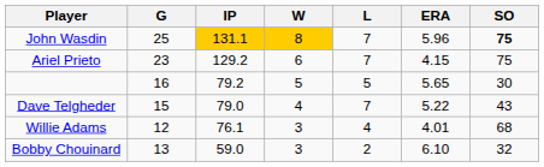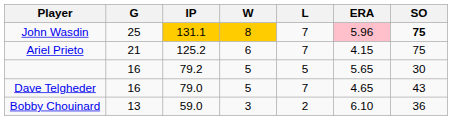 <table class="wikitable sortable">
 <tr>
 <th bgcolor="#DDDDFF" width="16%">Player</th>
 <th bgcolor="#DDDDFF" width="9%">G</th>
 <th bgcolor="#DDDDFF" width="9%">IP</th>
 <th bgcolor="#DDDDFF" width="9%">W</th>
 <th bgcolor="#DDDDFF" width="9%">L</th>
 <th bgcolor="#DDDDFF" width="9%">ERA</th>
 <th bgcolor="#DDDDFF" width="9%">SO</th>
 </tr>
 <tr align="center">
 <td><a href='#'>John Wasdin</a></td>
 <td>25</td>
 <td style="background:#fc0;">131.1</td>
 <td style="background:#fc0;">8</td>
 <td>7</td>
-<td>5.96</td>
+<td style="background: pink;">5.96</td>
 <td><strong>75</strong></td>
 </tr>
 <tr align=center>
 <td><a href='#'>Ariel Prieto</a></td>
-<td>23</td>
-<td>129.2</td>
+<td>21</td>
+<td>125.2</td>
 <td>6</td>
 <td>7</td>
 <td>4.15</td>
 <td>75</td>
 </tr>
 <tr align=center>
 <td></td>
 <td>16</td>
 <td>79.2</td>
 <td>5</td>
 <td>5</td>
 <td>5.65</td>
 <td>30</td>
 </tr>
 <tr align="center">
 <td><a href='#'>Dave Telgheder</a></td>
-<td>15</td>
+<td>16</td>
 <td>79.0</td>
-<td>4</td>
+<td>5</td>
 <td>7</td>
-<td>5.22</td>
+<td>4.65</td>
 <td>43</td>
-</tr>
-<tr align=center>
-<td><a href='#'>Willie Adams</a></td>
-<td>12</td>
-<td>76.1</td>
-<td>3</td>
-<td>4</td>
-<td>4.01</td>
-<td>68</td>
 </tr>
 <tr align=center>
 <td><a href='#'>Bobby Chouinard</a></td>
 <td>13</td>
 <td>59.0</td>
 <td>3</td>
 <td>2</td>
 <td>6.10</td>
-<td>32</td>
+<td>36</td>
 </tr>
 </table>
